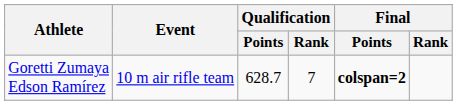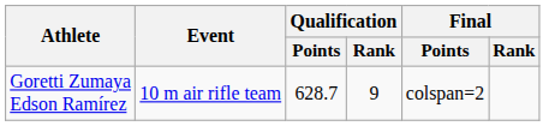 <table class=wikitable style=font-size:90%;text-align:center>
 <tr>
 <th rowspan=2>Athlete</th>
 <th rowspan=2>Event</th>
 <th colspan=2>Qualification</th>
 <th colspan=2>Final</th>
 </tr>
 <tr style=font-size:95%>
 <th>Points</th>
 <th>Rank</th>
 <th>Points</th>
 <th>Rank</th>
 </tr>
 <tr>
 <td align=left><a href='#'>Goretti Zumaya</a><br><a href='#'>Edson Ramírez</a></td>
 <td align=left><a href='#'>10 m air rifle team</a></td>
 <td>628.7</td>
-<td>7</td>
-<td><strong>colspan=2</strong></td>
+<td>9</td>
+<td>colspan=2</td>
 </tr>
 </table>
